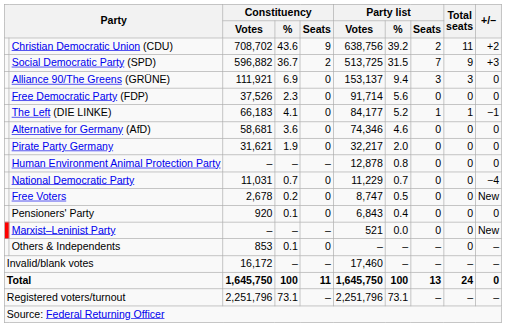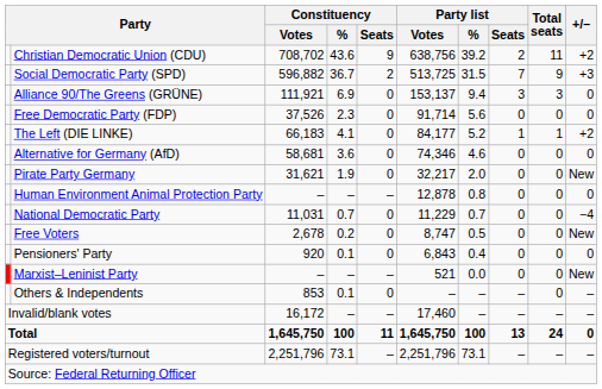 <table class="wikitable" style="text-align:right">
 <tr>
 <th colspan="2" rowspan="2">Party</th>
 <th colspan="3">Constituency</th>
 <th colspan="3">Party list</th>
 <th rowspan="2">Total<br>seats</th>
 <th rowspan="2">+/–</th>
 </tr>
 <tr>
 <th>Votes</th>
 <th>%</th>
 <th>Seats</th>
 <th>Votes</th>
 <th>%</th>
 <th>Seats</th>
 </tr>
 <tr>
 <td></td>
 <td align="left"><a href='#'>Christian Democratic Union</a> (CDU)</td>
 <td>708,702</td>
 <td>43.6</td>
 <td>9</td>
 <td>638,756</td>
 <td>39.2</td>
 <td>2</td>
 <td>11</td>
 <td>+2</td>
 </tr>
 <tr>
 <td></td>
 <td align="left"><a href='#'>Social Democratic Party</a> (SPD)</td>
 <td>596,882</td>
 <td>36.7</td>
 <td>2</td>
 <td>513,725</td>
 <td>31.5</td>
 <td>7</td>
 <td>9</td>
 <td>+3</td>
 </tr>
 <tr>
 <td></td>
 <td align="left"><a href='#'>Alliance 90/The Greens</a> (GRÜNE)</td>
 <td>111,921</td>
 <td>6.9</td>
 <td>0</td>
 <td>153,137</td>
 <td>9.4</td>
 <td>3</td>
 <td>3</td>
 <td>0</td>
 </tr>
 <tr>
 <td></td>
 <td align="left"><a href='#'>Free Democratic Party</a> (FDP)</td>
 <td>37,526</td>
 <td>2.3</td>
 <td>0</td>
 <td>91,714</td>
 <td>5.6</td>
 <td>0</td>
 <td>0</td>
 <td>0</td>
 </tr>
 <tr>
 <td></td>
 <td align="left"><a href='#'>The Left</a> (DIE LINKE)</td>
 <td>66,183</td>
 <td>4.1</td>
 <td>0</td>
 <td>84,177</td>
 <td>5.2</td>
 <td>1</td>
 <td>1</td>
-<td>−1</td>
+<td>+2</td>
 </tr>
 <tr>
 <td></td>
 <td align="left"><a href='#'>Alternative for Germany</a> (AfD)</td>
 <td>58,681</td>
 <td>3.6</td>
 <td>0</td>
 <td>74,346</td>
 <td>4.6</td>
 <td>0</td>
 <td>0</td>
 <td>0</td>
 </tr>
 <tr>
 <td style="background-color:"></td>
 <td align="left"><a href='#'>Pirate Party Germany</a></td>
 <td>31,621</td>
 <td>1.9</td>
 <td>0</td>
 <td>32,217</td>
 <td>2.0</td>
 <td>0</td>
 <td>0</td>
-<td>0</td>
+<td>New</td>
 </tr>
 <tr>
 <td style="background-color:"></td>
 <td align="left"><a href='#'>Human Environment Animal Protection Party</a></td>
 <td>–</td>
 <td>–</td>
 <td>–</td>
 <td>12,878</td>
 <td>0.8</td>
 <td>0</td>
 <td>0</td>
 <td>0</td>
 </tr>
 <tr>
 <td style="background-color:"></td>
 <td align="left"><a href='#'>National Democratic Party</a></td>
 <td>11,031</td>
 <td>0.7</td>
 <td>0</td>
 <td>11,229</td>
 <td>0.7</td>
 <td>0</td>
 <td>0</td>
 <td>−4</td>
 </tr>
 <tr>
 <td style="background-color:"></td>
 <td align="left"><a href='#'>Free Voters</a></td>
 <td>2,678</td>
 <td>0.2</td>
 <td>0</td>
 <td>8,747</td>
 <td>0.5</td>
 <td>0</td>
 <td>0</td>
 <td>New</td>
 </tr>
 <tr>
 <td></td>
 <td align="left">Pensioners' Party</td>
 <td>920</td>
 <td>0.1</td>
 <td>0</td>
 <td>6,843</td>
 <td>0.4</td>
 <td>0</td>
 <td>0</td>
 <td>0</td>
 </tr>
 <tr>
 <td style="background-color:red"></td>
 <td align="left"><a href='#'>Marxist–Leninist Party</a></td>
 <td>–</td>
 <td>–</td>
 <td>–</td>
 <td>521</td>
 <td>0.0</td>
 <td>0</td>
 <td>0</td>
 <td>New</td>
 </tr>
 <tr>
 <td></td>
 <td align="left">Others & Independents</td>
 <td>853</td>
 <td>0.1</td>
 <td>0</td>
 <td>–</td>
 <td>–</td>
 <td>–</td>
 <td>0</td>
 <td>–</td>
 </tr>
 <tr>
 <td colspan="2" align="left">Invalid/blank votes</td>
 <td>16,172</td>
 <td>–</td>
 <td>–</td>
 <td>17,460</td>
 <td>–</td>
 <td>–</td>
 <td>–</td>
 <td>–</td>
 </tr>
 <tr>
 <td colspan="2" align="left"><strong>Total</strong></td>
 <td><strong>1,645,750</strong></td>
 <td><strong>100</strong></td>
 <td><strong>11</strong></td>
 <td><strong>1,645,750</strong></td>
 <td><strong>100</strong></td>
 <td><strong>13</strong></td>
 <td><strong>24</strong></td>
 <td><strong>0</strong></td>
 </tr>
 <tr>
 <td colspan="2" align="left">Registered voters/turnout</td>
 <td>2,251,796</td>
 <td>73.1</td>
 <td>–</td>
 <td>2,251,796</td>
 <td>73.1</td>
 <td>–</td>
 <td>–</td>
 <td>–</td>
 </tr>
 <tr>
 <td colspan="10" align="left">Source: <a href='#'>Federal Returning Officer</a></td>
 </tr>
 </table>
